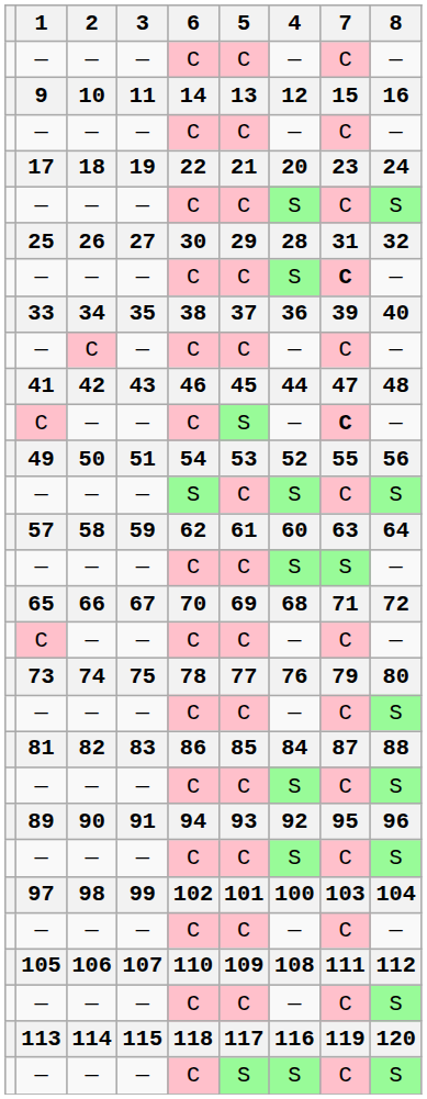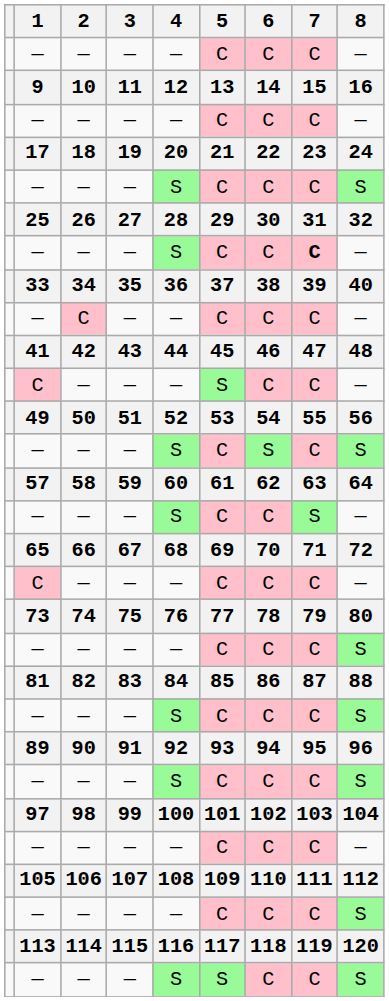 <table class="wikitable floatright" style="text-align:center">
 <tr>
 <th></th>
 <th>1</th>
 <th>2</th>
 <th>3</th>
+<th>4</th>
+<th>5</th>
 <th>6</th>
-<th>5</th>
-<th>4</th>
 <th>7</th>
 <th>8</th>
 </tr>
 <tr>
 <td></td>
 <td>—</td>
 <td>—</td>
 <td>—</td>
+<td>—</td>
 <td style="background-color:#FFC0CB">C</td>
 <td style="background-color:#FFC0CB">C</td>
-<td>—</td>
 <td style="background-color:#FFC0CB">C</td>
 <td>—</td>
 </tr>
 <tr>
 <th></th>
 <th>9</th>
 <th>10</th>
 <th>11</th>
+<th>12</th>
+<th>13</th>
 <th>14</th>
-<th>13</th>
-<th>12</th>
 <th>15</th>
 <th>16</th>
 </tr>
 <tr>
 <td></td>
 <td>—</td>
 <td>—</td>
 <td>—</td>
+<td>—</td>
 <td style="background-color:#FFC0CB">C</td>
 <td style="background-color:#FFC0CB">C</td>
-<td>—</td>
 <td style="background-color:#FFC0CB">C</td>
 <td>—</td>
 </tr>
 <tr>
 <th></th>
 <th>17</th>
 <th>18</th>
 <th>19</th>
+<th>20</th>
+<th>21</th>
 <th>22</th>
-<th>21</th>
-<th>20</th>
 <th>23</th>
 <th>24</th>
 </tr>
 <tr>
 <td></td>
 <td>—</td>
 <td>—</td>
 <td>—</td>
+<td style="background-color:#98FB98">S</td>
 <td style="background-color:#FFC0CB">C</td>
 <td style="background-color:#FFC0CB">C</td>
-<td style="background-color:#98FB98">S</td>
 <td style="background-color:#FFC0CB">C</td>
 <td style="background-color:#98FB98">S</td>
 </tr>
 <tr>
 <th></th>
 <th>25</th>
 <th>26</th>
 <th>27</th>
+<th>28</th>
+<th>29</th>
 <th>30</th>
-<th>29</th>
-<th>28</th>
 <th>31</th>
 <th>32</th>
 </tr>
 <tr>
 <td></td>
 <td>—</td>
 <td>—</td>
 <td>—</td>
+<td style="background-color:#98FB98">S</td>
 <td style="background-color:#FFC0CB">C</td>
 <td style="background-color:#FFC0CB">C</td>
-<td style="background-color:#98FB98">S</td>
 <td style="background-color:#FFC0CB"><strong>C</strong></td>
 <td>—</td>
 </tr>
 <tr>
 <th></th>
 <th>33</th>
 <th>34</th>
 <th>35</th>
+<th>36</th>
+<th>37</th>
 <th>38</th>
-<th>37</th>
-<th>36</th>
 <th>39</th>
 <th>40</th>
 </tr>
 <tr>
 <td></td>
 <td>—</td>
 <td style="background-color:#FFC0CB">C</td>
 <td>—</td>
+<td>—</td>
 <td style="background-color:#FFC0CB">C</td>
 <td style="background-color:#FFC0CB">C</td>
-<td>—</td>
 <td style="background-color:#FFC0CB">C</td>
 <td>—</td>
 </tr>
 <tr>
 <th></th>
 <th>41</th>
 <th>42</th>
 <th>43</th>
+<th>44</th>
+<th>45</th>
 <th>46</th>
-<th>45</th>
-<th>44</th>
 <th>47</th>
 <th>48</th>
 </tr>
 <tr>
 <td></td>
 <td style="background-color:#FFC0CB">C</td>
 <td>—</td>
 <td>—</td>
+<td>—</td>
+<td style="background-color:#98FB98">S</td>
 <td style="background-color:#FFC0CB">C</td>
-<td style="background-color:#98FB98">S</td>
-<td>—</td>
-<td style="background-color:#FFC0CB"><strong>C</strong></td>
+<td style="background-color:#FFC0CB">C</td>
 <td>—</td>
 </tr>
 <tr>
 <th></th>
 <th>49</th>
 <th>50</th>
 <th>51</th>
+<th>52</th>
+<th>53</th>
 <th>54</th>
-<th>53</th>
-<th>52</th>
 <th>55</th>
 <th>56</th>
 </tr>
 <tr>
 <td></td>
 <td>—</td>
 <td>—</td>
 <td>—</td>
 <td style="background-color:#98FB98">S</td>
 <td style="background-color:#FFC0CB">C</td>
 <td style="background-color:#98FB98">S</td>
 <td style="background-color:#FFC0CB">C</td>
 <td style="background-color:#98FB98">S</td>
 </tr>
 <tr>
 <th></th>
 <th>57</th>
 <th>58</th>
 <th>59</th>
+<th>60</th>
+<th>61</th>
 <th>62</th>
-<th>61</th>
-<th>60</th>
 <th>63</th>
 <th>64</th>
 </tr>
 <tr>
 <td></td>
 <td>—</td>
 <td>—</td>
 <td>—</td>
+<td style="background-color:#98FB98">S</td>
 <td style="background-color:#FFC0CB">C</td>
 <td style="background-color:#FFC0CB">C</td>
-<td style="background-color:#98FB98">S</td>
 <td style="background-color:#98FB98">S</td>
 <td>—</td>
 </tr>
 <tr>
 <th></th>
 <th>65</th>
 <th>66</th>
 <th>67</th>
+<th>68</th>
+<th>69</th>
 <th>70</th>
-<th>69</th>
-<th>68</th>
 <th>71</th>
 <th>72</th>
 </tr>
 <tr>
 <td></td>
 <td style="background-color:#FFC0CB">C</td>
 <td>—</td>
 <td>—</td>
+<td>—</td>
 <td style="background-color:#FFC0CB">C</td>
 <td style="background-color:#FFC0CB">C</td>
-<td>—</td>
 <td style="background-color:#FFC0CB">C</td>
 <td>—</td>
 </tr>
 <tr>
 <th></th>
 <th>73</th>
 <th>74</th>
 <th>75</th>
+<th>76</th>
+<th>77</th>
 <th>78</th>
-<th>77</th>
-<th>76</th>
 <th>79</th>
 <th>80</th>
 </tr>
 <tr>
 <td></td>
 <td>—</td>
 <td>—</td>
 <td>—</td>
+<td>—</td>
 <td style="background-color:#FFC0CB">C</td>
 <td style="background-color:#FFC0CB">C</td>
-<td>—</td>
 <td style="background-color:#FFC0CB">C</td>
 <td style="background-color:#98FB98">S</td>
 </tr>
 <tr>
 <th></th>
 <th>81</th>
 <th>82</th>
 <th>83</th>
+<th>84</th>
+<th>85</th>
 <th>86</th>
-<th>85</th>
-<th>84</th>
 <th>87</th>
 <th>88</th>
 </tr>
 <tr>
 <td></td>
 <td>—</td>
 <td>—</td>
 <td>—</td>
+<td style="background-color:#98FB98">S</td>
 <td style="background-color:#FFC0CB">C</td>
 <td style="background-color:#FFC0CB">C</td>
-<td style="background-color:#98FB98">S</td>
 <td style="background-color:#FFC0CB">C</td>
 <td style="background-color:#98FB98">S</td>
 </tr>
 <tr>
 <th></th>
 <th>89</th>
 <th>90</th>
 <th>91</th>
+<th>92</th>
+<th>93</th>
 <th>94</th>
-<th>93</th>
-<th>92</th>
 <th>95</th>
 <th>96</th>
 </tr>
 <tr>
 <td></td>
 <td>—</td>
 <td>—</td>
 <td>—</td>
+<td style="background-color:#98FB98">S</td>
 <td style="background-color:#FFC0CB">C</td>
 <td style="background-color:#FFC0CB">C</td>
-<td style="background-color:#98FB98">S</td>
 <td style="background-color:#FFC0CB">C</td>
 <td style="background-color:#98FB98">S</td>
 </tr>
 <tr>
 <th></th>
 <th>97</th>
 <th>98</th>
 <th>99</th>
+<th>100</th>
+<th>101</th>
 <th>102</th>
-<th>101</th>
-<th>100</th>
 <th>103</th>
 <th>104</th>
 </tr>
 <tr>
 <td></td>
 <td>—</td>
 <td>—</td>
 <td>—</td>
+<td>—</td>
 <td style="background-color:#FFC0CB">C</td>
 <td style="background-color:#FFC0CB">C</td>
-<td>—</td>
 <td style="background-color:#FFC0CB">C</td>
 <td>—</td>
 </tr>
 <tr>
 <th></th>
 <th>105</th>
 <th>106</th>
 <th>107</th>
+<th>108</th>
+<th>109</th>
 <th>110</th>
-<th>109</th>
-<th>108</th>
 <th>111</th>
 <th>112</th>
 </tr>
 <tr>
 <td></td>
 <td>—</td>
 <td>—</td>
 <td>—</td>
+<td>—</td>
 <td style="background-color:#FFC0CB">C</td>
 <td style="background-color:#FFC0CB">C</td>
-<td>—</td>
 <td style="background-color:#FFC0CB">C</td>
 <td style="background-color:#98FB98">S</td>
 </tr>
 <tr>
 <th></th>
 <th>113</th>
 <th>114</th>
 <th>115</th>
+<th>116</th>
+<th>117</th>
 <th>118</th>
-<th>117</th>
-<th>116</th>
 <th>119</th>
 <th>120</th>
 </tr>
 <tr>
 <td></td>
 <td>—</td>
 <td>—</td>
 <td>—</td>
-<td style="background-color:#FFC0CB">C</td>
 <td style="background-color:#98FB98">S</td>
 <td style="background-color:#98FB98">S</td>
+<td style="background-color:#FFC0CB">C</td>
 <td style="background-color:#FFC0CB">C</td>
 <td style="background-color:#98FB98">S</td>
 </tr>
 </table>
